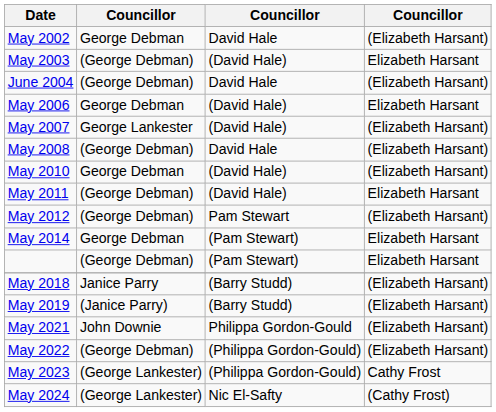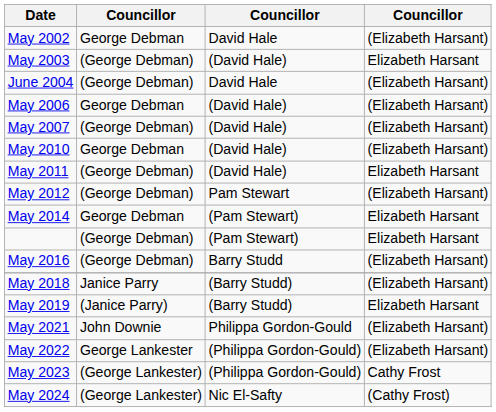 <table class="wikitable">
 <tr>
 <th>Date</th>
 <th>Councillor</th>
 <th>Councillor</th>
 <th>Councillor</th>
 </tr>
 <tr>
 <td><a href='#'>May 2002</a></td>
 <td ! style="background-color:">George Debman</td>
 <td ! style="background-color:">David Hale</td>
 <td ! style="background-color:">(Elizabeth Harsant)</td>
 </tr>
 <tr>
 <td><a href='#'>May 2003</a></td>
 <td ! style="background-color:">(George Debman)</td>
 <td ! style="background-color:">(David Hale)</td>
 <td ! style="background-color:">Elizabeth Harsant</td>
 </tr>
 <tr>
 <td><a href='#'>June 2004</a></td>
 <td ! style="background-color:">(George Debman)</td>
 <td ! style="background-color:">David Hale</td>
 <td ! style="background-color:">(Elizabeth Harsant)</td>
 </tr>
 <tr>
 <td><a href='#'>May 2006</a></td>
 <td ! style="background-color:">George Debman</td>
 <td ! style="background-color:">(David Hale)</td>
-<td ! style="background-color:">Elizabeth Harsant</td>
+<td ! style="background-color:">(Elizabeth Harsant)</td>
 </tr>
 <tr>
 <td><a href='#'>May 2007</a></td>
-<td ! style="background-color:">George Lankester</td>
+<td ! style="background-color:">(George Debman)</td>
 <td ! style="background-color:">(David Hale)</td>
-<td ! style="background-color:">(Elizabeth Harsant)</td>
-</tr>
-<tr>
-<td><a href='#'>May 2008</a></td>
-<td ! style="background-color:">(George Debman)</td>
-<td ! style="background-color:">David Hale</td>
 <td ! style="background-color:">(Elizabeth Harsant)</td>
 </tr>
 <tr>
 <td><a href='#'>May 2010</a></td>
 <td ! style="background-color:">George Debman</td>
 <td ! style="background-color:">(David Hale)</td>
 <td ! style="background-color:">(Elizabeth Harsant)</td>
 </tr>
 <tr>
 <td><a href='#'>May 2011</a></td>
 <td ! style="background-color:">(George Debman)</td>
 <td ! style="background-color:">(David Hale)</td>
 <td ! style="background-color:">Elizabeth Harsant</td>
 </tr>
 <tr>
 <td><a href='#'>May 2012</a></td>
 <td ! style="background-color:">(George Debman)</td>
 <td ! style="background-color:">Pam Stewart</td>
 <td ! style="background-color:">(Elizabeth Harsant)</td>
 </tr>
 <tr>
 <td><a href='#'>May 2014</a></td>
 <td ! style="background-color:">George Debman</td>
 <td ! style="background-color:">(Pam Stewart)</td>
 <td ! style="background-color:">Elizabeth Harsant</td>
 </tr>
 <tr>
 <td></td>
 <td ! style="background-color:">(George Debman)</td>
 <td ! style="background-color:">(Pam Stewart)</td>
 <td ! style="background-color:">Elizabeth Harsant</td>
 </tr>
 <tr>
+<td><a href='#'>May 2016</a></td>
+<td ! style="background-color:">(George Debman)</td>
+<td ! style="background-color:">Barry Studd</td>
+<td ! style="background-color:">(Elizabeth Harsant)</td>
+</tr>
+<tr>
 </tr>
 <tr>
 <td><a href='#'>May 2018</a></td>
 <td ! style="background-color:">Janice Parry</td>
 <td ! style="background-color:">(Barry Studd)</td>
 <td ! style="background-color:">(Elizabeth Harsant)</td>
 </tr>
 <tr>
 <td><a href='#'>May 2019</a></td>
 <td ! style="background-color:">(Janice Parry)</td>
 <td ! style="background-color:">(Barry Studd)</td>
-<td ! style="background-color:">(Elizabeth Harsant)</td>
+<td ! style="background-color:">Elizabeth Harsant</td>
 </tr>
 <tr>
 <td><a href='#'>May 2021</a></td>
 <td ! style="background-color:">John Downie</td>
 <td ! style="background-color:">Philippa Gordon-Gould</td>
 <td ! style="background-color:">(Elizabeth Harsant)</td>
 </tr>
 <tr>
 <td><a href='#'>May 2022</a></td>
-<td ! style="background-color:">(George Debman)</td>
+<td ! style="background-color:">George Lankester</td>
 <td ! style="background-color:">(Philippa Gordon-Gould)</td>
 <td ! style="background-color:">(Elizabeth Harsant)</td>
 </tr>
 <tr>
 <td><a href='#'>May 2023</a></td>
 <td ! style="background-color:">(George Lankester)</td>
 <td ! style="background-color:">(Philippa Gordon-Gould)</td>
 <td ! style="background-color:">Cathy Frost</td>
 </tr>
 <tr>
 <td><a href='#'>May 2024</a></td>
 <td ! style="background-color:">(George Lankester)</td>
 <td ! style="background-color:">Nic El-Safty</td>
 <td ! style="background-color:">(Cathy Frost)</td>
 </tr>
 </table>
